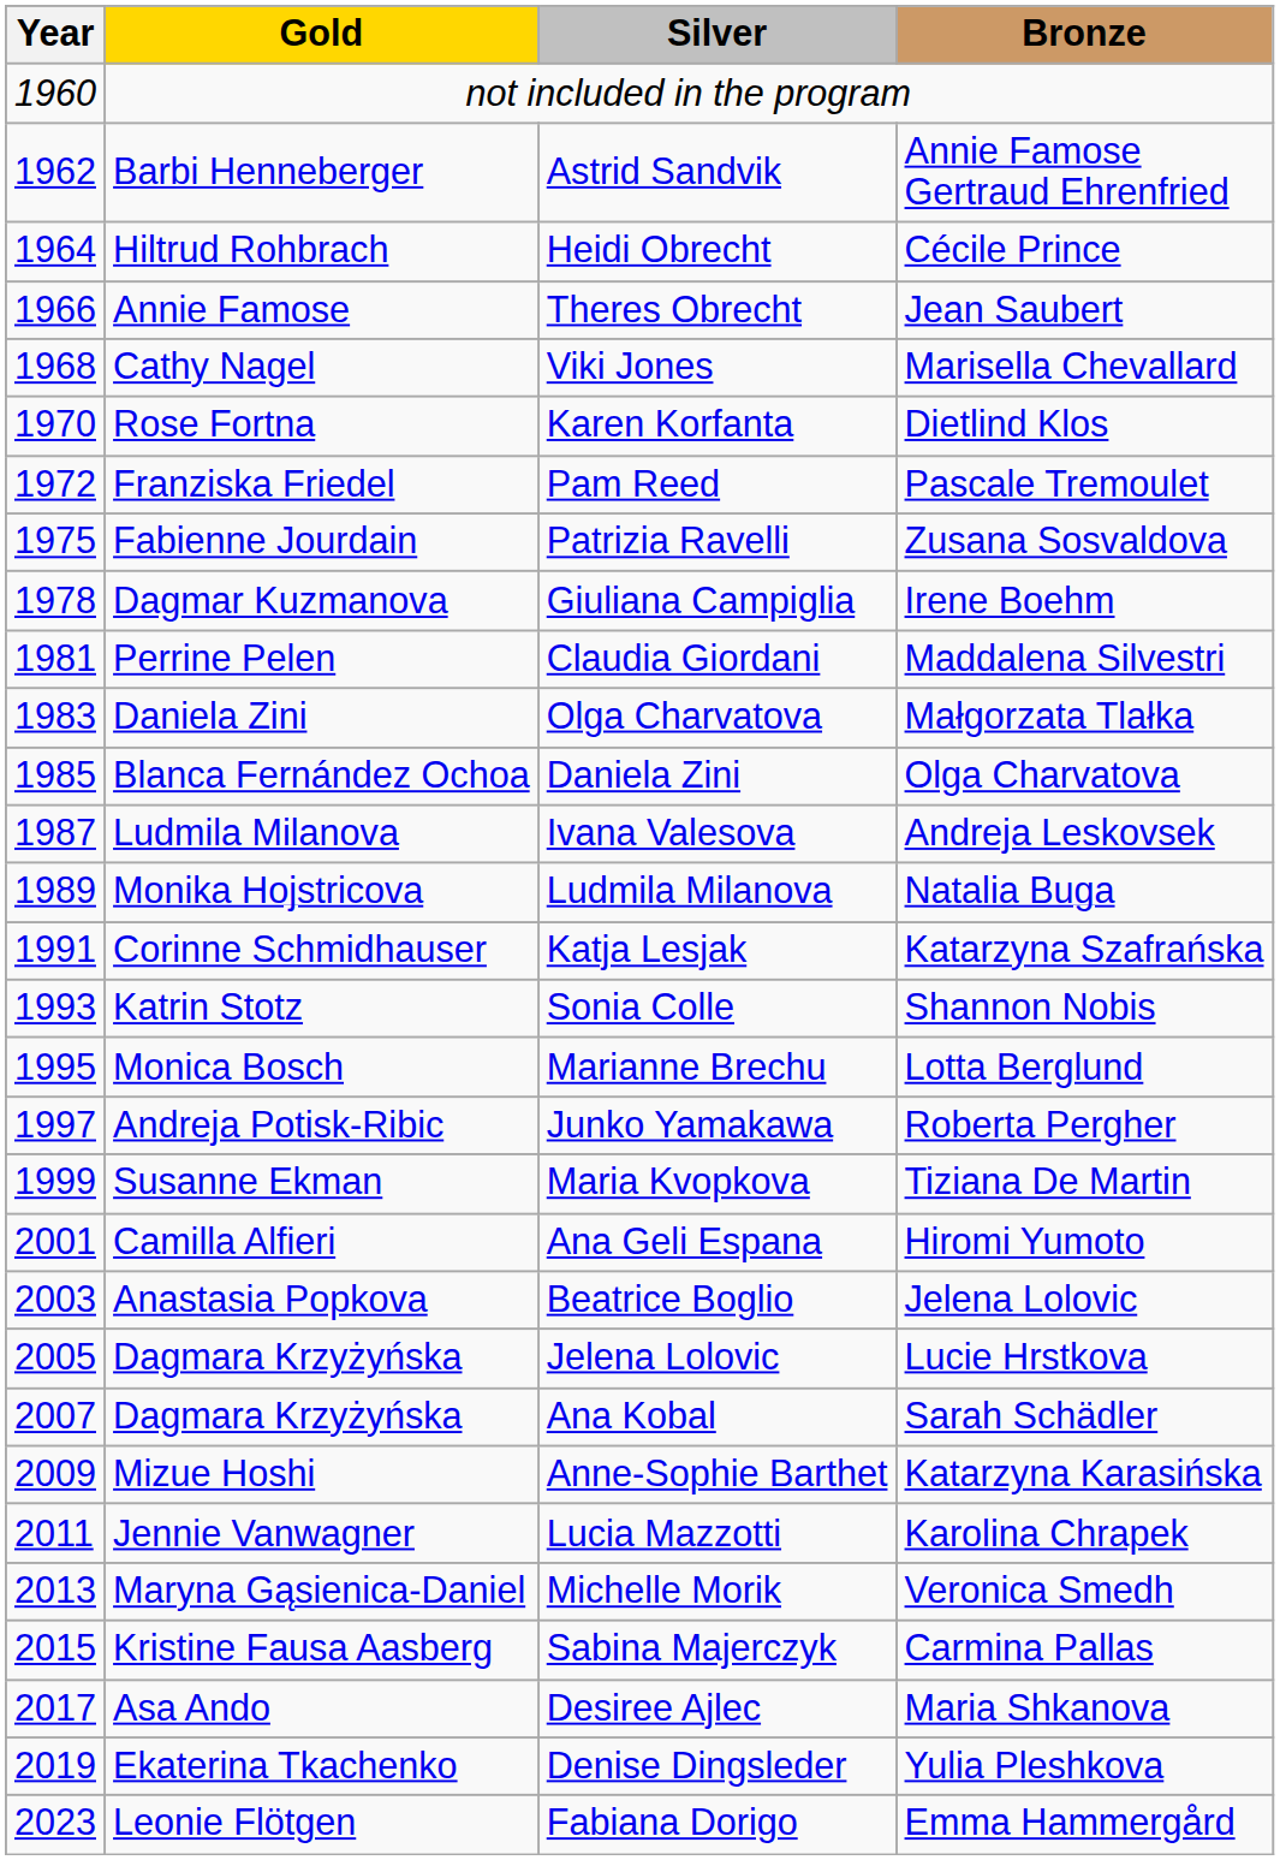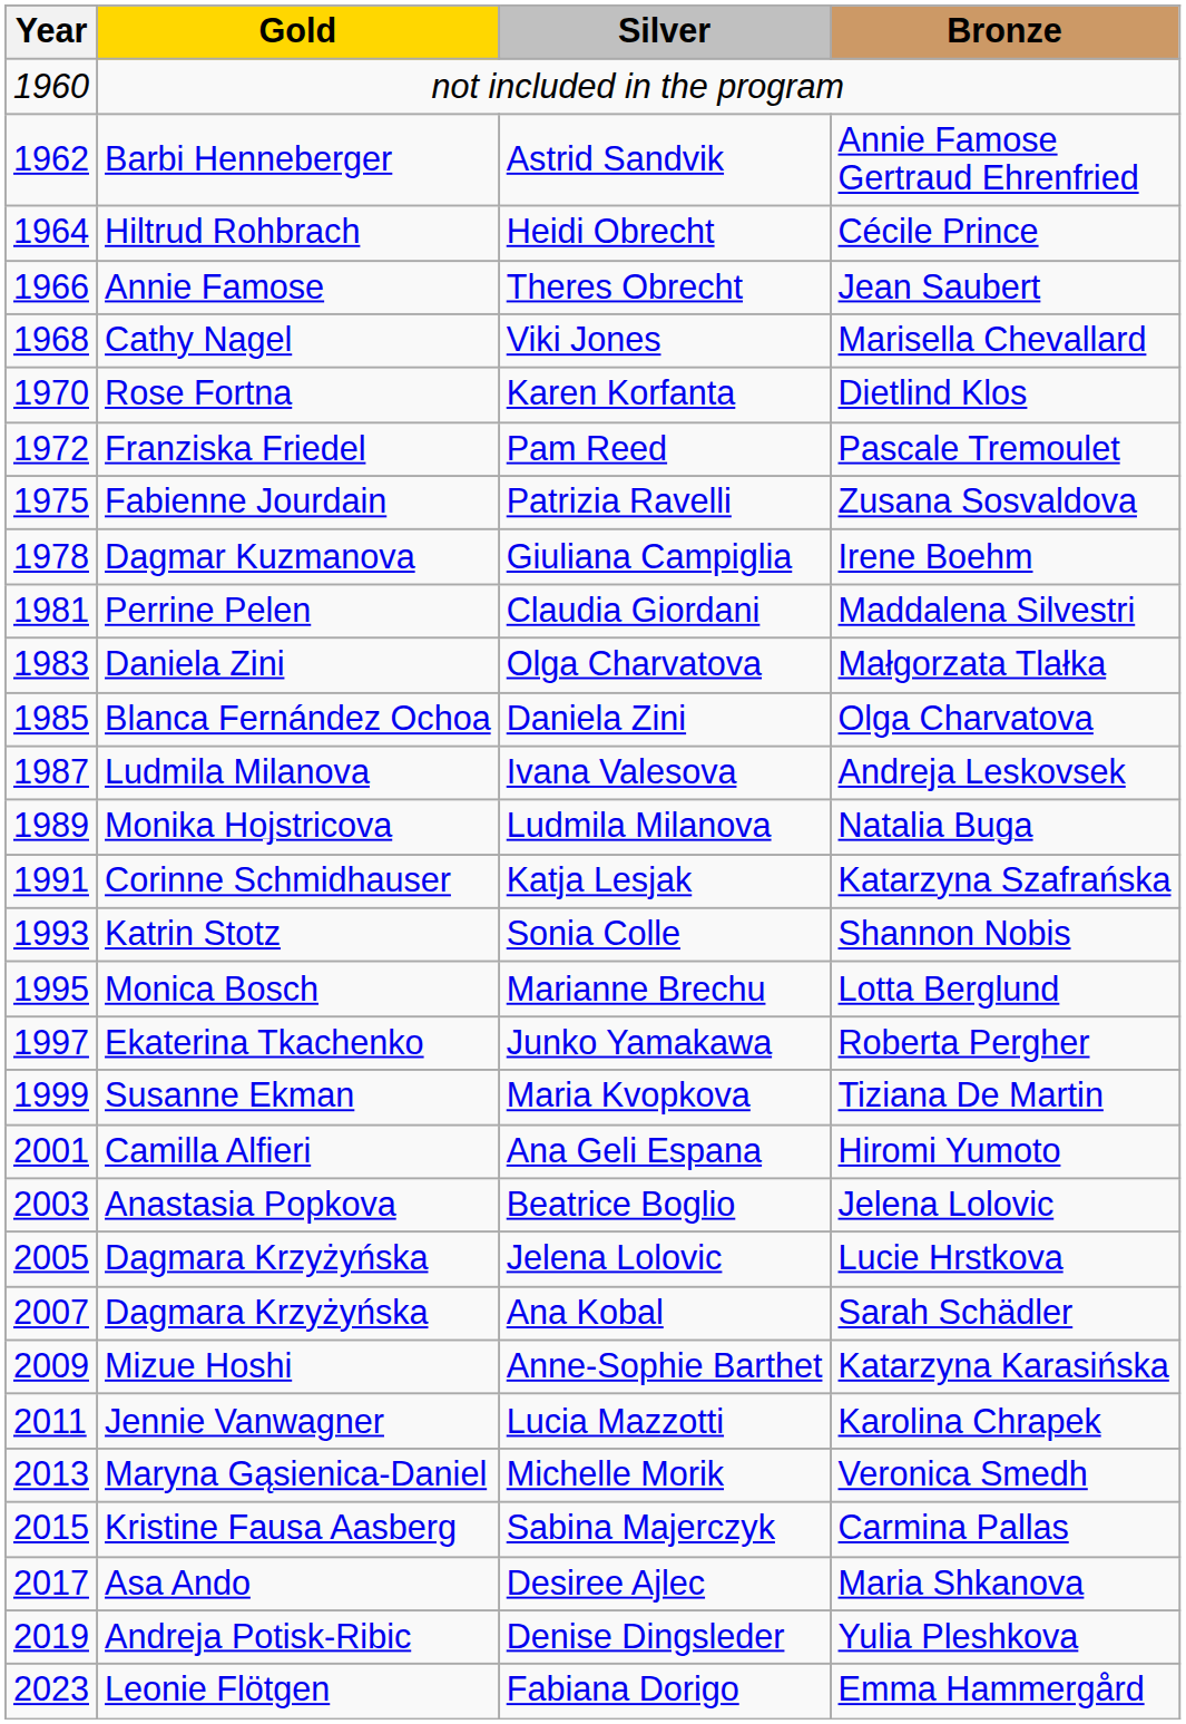 <table class="wikitable">
 <tr>
 <th>Year</th>
 <td align=center bgcolor=gold><strong>Gold</strong></td>
 <td align=center bgcolor=silver><strong>Silver</strong></td>
 <td align=center bgcolor=cc9966><strong>Bronze</strong></td>
 </tr>
 <tr>
 <td><em>1960</em></td>
 <td colspan=3 align=center><em>not included in the program</em></td>
 </tr>
 <tr>
 <td><a href='#'>1962</a></td>
 <td> <a href='#'>Barbi Henneberger</a></td>
 <td> <a href='#'>Astrid Sandvik</a></td>
 <td> <a href='#'>Annie Famose</a><br> <a href='#'>Gertraud Ehrenfried</a></td>
 </tr>
 <tr>
 <td><a href='#'>1964</a></td>
 <td> <a href='#'>Hiltrud Rohbrach</a></td>
 <td> <a href='#'>Heidi Obrecht</a></td>
 <td> <a href='#'>Cécile Prince</a></td>
 </tr>
 <tr>
 <td><a href='#'>1966</a></td>
 <td> <a href='#'>Annie Famose</a></td>
 <td> <a href='#'>Theres Obrecht</a></td>
 <td> <a href='#'>Jean Saubert</a></td>
 </tr>
 <tr>
 <td><a href='#'>1968</a></td>
 <td> <a href='#'>Cathy Nagel</a></td>
 <td> <a href='#'>Viki Jones</a></td>
 <td> <a href='#'>Marisella Chevallard</a></td>
 </tr>
 <tr>
 <td><a href='#'>1970</a></td>
 <td> <a href='#'>Rose Fortna</a></td>
 <td> <a href='#'>Karen Korfanta</a></td>
 <td> <a href='#'>Dietlind Klos</a></td>
 </tr>
 <tr>
 <td><a href='#'>1972</a></td>
 <td> <a href='#'>Franziska Friedel</a></td>
 <td> <a href='#'>Pam Reed</a></td>
 <td> <a href='#'>Pascale Tremoulet</a></td>
 </tr>
 <tr>
 <td><a href='#'>1975</a></td>
 <td> <a href='#'>Fabienne Jourdain</a></td>
 <td> <a href='#'>Patrizia Ravelli</a></td>
 <td> <a href='#'>Zusana Sosvaldova</a></td>
 </tr>
 <tr>
 <td><a href='#'>1978</a></td>
 <td> <a href='#'>Dagmar Kuzmanova</a></td>
 <td> <a href='#'>Giuliana Campiglia</a></td>
 <td> <a href='#'>Irene Boehm</a></td>
 </tr>
 <tr>
 <td><a href='#'>1981</a></td>
 <td> <a href='#'>Perrine Pelen</a></td>
 <td> <a href='#'>Claudia Giordani</a></td>
 <td> <a href='#'>Maddalena Silvestri</a></td>
 </tr>
 <tr>
 <td><a href='#'>1983</a></td>
 <td> <a href='#'>Daniela Zini</a></td>
 <td> <a href='#'>Olga Charvatova</a></td>
 <td> <a href='#'>Małgorzata Tlałka</a></td>
 </tr>
 <tr>
 <td><a href='#'>1985</a></td>
 <td> <a href='#'>Blanca Fernández Ochoa</a></td>
 <td> <a href='#'>Daniela Zini</a></td>
 <td> <a href='#'>Olga Charvatova</a></td>
 </tr>
 <tr>
 <td><a href='#'>1987</a></td>
 <td> <a href='#'>Ludmila Milanova</a></td>
 <td> <a href='#'>Ivana Valesova</a></td>
 <td> <a href='#'>Andreja Leskovsek</a></td>
 </tr>
 <tr>
 <td><a href='#'>1989</a></td>
 <td> <a href='#'>Monika Hojstricova</a></td>
 <td> <a href='#'>Ludmila Milanova</a></td>
 <td> <a href='#'>Natalia Buga</a></td>
 </tr>
 <tr>
 <td><a href='#'>1991</a></td>
 <td> <a href='#'>Corinne Schmidhauser</a></td>
 <td> <a href='#'>Katja Lesjak</a></td>
 <td> <a href='#'>Katarzyna Szafrańska</a></td>
 </tr>
 <tr>
 <td><a href='#'>1993</a></td>
 <td> <a href='#'>Katrin Stotz</a></td>
 <td> <a href='#'>Sonia Colle</a></td>
 <td> <a href='#'>Shannon Nobis</a></td>
 </tr>
 <tr>
 <td><a href='#'>1995</a></td>
 <td> <a href='#'>Monica Bosch</a></td>
 <td> <a href='#'>Marianne Brechu</a></td>
 <td> <a href='#'>Lotta Berglund</a></td>
 </tr>
 <tr>
 <td><a href='#'>1997</a></td>
-<td> <a href='#'>Andreja Potisk-Ribic</a></td>
+<td> <a href='#'>Ekaterina Tkachenko</a></td>
 <td> <a href='#'>Junko Yamakawa</a></td>
 <td> <a href='#'>Roberta Pergher</a></td>
 </tr>
 <tr>
 <td><a href='#'>1999</a></td>
 <td> <a href='#'>Susanne Ekman</a></td>
 <td> <a href='#'>Maria Kvopkova</a></td>
 <td> <a href='#'>Tiziana De Martin</a></td>
 </tr>
 <tr>
 <td><a href='#'>2001</a></td>
 <td> <a href='#'>Camilla Alfieri</a></td>
 <td> <a href='#'>Ana Geli Espana</a></td>
 <td> <a href='#'>Hiromi Yumoto</a></td>
 </tr>
 <tr>
 <td><a href='#'>2003</a></td>
 <td> <a href='#'>Anastasia Popkova</a></td>
 <td> <a href='#'>Beatrice Boglio</a></td>
 <td> <a href='#'>Jelena Lolovic</a></td>
 </tr>
 <tr>
 <td><a href='#'>2005</a></td>
 <td> <a href='#'>Dagmara Krzyżyńska</a></td>
 <td> <a href='#'>Jelena Lolovic</a></td>
 <td> <a href='#'>Lucie Hrstkova</a></td>
 </tr>
 <tr>
 <td><a href='#'>2007</a></td>
 <td> <a href='#'>Dagmara Krzyżyńska</a></td>
 <td> <a href='#'>Ana Kobal</a></td>
 <td> <a href='#'>Sarah Schädler</a></td>
 </tr>
 <tr>
 <td><a href='#'>2009</a></td>
 <td> <a href='#'>Mizue Hoshi</a></td>
 <td> <a href='#'>Anne-Sophie Barthet</a></td>
 <td> <a href='#'>Katarzyna Karasińska</a></td>
 </tr>
 <tr>
 <td><a href='#'>2011</a></td>
 <td> <a href='#'>Jennie Vanwagner</a></td>
 <td> <a href='#'>Lucia Mazzotti</a></td>
 <td> <a href='#'>Karolina Chrapek</a></td>
 </tr>
 <tr>
 <td><a href='#'>2013</a></td>
 <td> <a href='#'>Maryna Gąsienica-Daniel</a></td>
 <td> <a href='#'>Michelle Morik</a></td>
 <td> <a href='#'>Veronica Smedh</a></td>
 </tr>
 <tr>
 <td><a href='#'>2015</a></td>
 <td> <a href='#'>Kristine Fausa Aasberg</a></td>
 <td> <a href='#'>Sabina Majerczyk</a></td>
 <td> <a href='#'>Carmina Pallas</a></td>
 </tr>
 <tr>
 <td><a href='#'>2017</a></td>
 <td> <a href='#'>Asa Ando</a></td>
 <td> <a href='#'>Desiree Ajlec</a></td>
 <td> <a href='#'>Maria Shkanova</a></td>
 </tr>
 <tr>
 <td><a href='#'>2019</a></td>
-<td> <a href='#'>Ekaterina Tkachenko</a></td>
+<td> <a href='#'>Andreja Potisk-Ribic</a></td>
 <td> <a href='#'>Denise Dingsleder</a></td>
 <td> <a href='#'>Yulia Pleshkova</a></td>
 </tr>
 <tr>
 <td><a href='#'>2023</a></td>
 <td> <a href='#'>Leonie Flötgen</a></td>
 <td> <a href='#'>Fabiana Dorigo</a></td>
 <td> <a href='#'>Emma Hammergård</a></td>
 </tr>
 </table>
